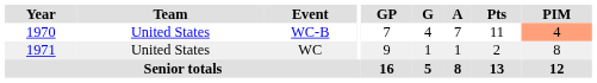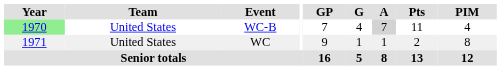 <table border="0" cellpadding="1" cellspacing="0" ID="Table3" style="text-align:center; width:40em">
 <tr bgcolor="#e0e0e0">
 <th>Year</th>
 <th>Team</th>
 <th>Event</th>
 <th rowspan="102" bgcolor="#ffffff"></th>
 <th>GP</th>
 <th>G</th>
 <th>A</th>
 <th>Pts</th>
 <th>PIM</th>
 </tr>
 <tr>
-<td><a href='#'>1970</a></td>
+<td style="background: lightgreen;"><a href='#'>1970</a></td>
 <td><a href='#'>United States</a></td>
 <td><a href='#'>WC-B</a></td>
 <td>7</td>
 <td>4</td>
-<td>7</td>
+<td style="background: lightgrey;">7</td>
 <td>11</td>
-<td style="background: lightsalmon;">4</td>
+<td>4</td>
 </tr>
 <tr bgcolor="#f0f0f0">
 <td><a href='#'>1971</a></td>
 <td>United States</td>
 <td>WC</td>
 <td>9</td>
 <td>1</td>
 <td>1</td>
 <td>2</td>
 <td>8</td>
 </tr>
 <tr bgcolor="#e0e0e0">
 <th colspan="4">Senior totals</th>
 <th>16</th>
 <th>5</th>
 <th>8</th>
 <th>13</th>
 <th>12</th>
 </tr>
 </table>
